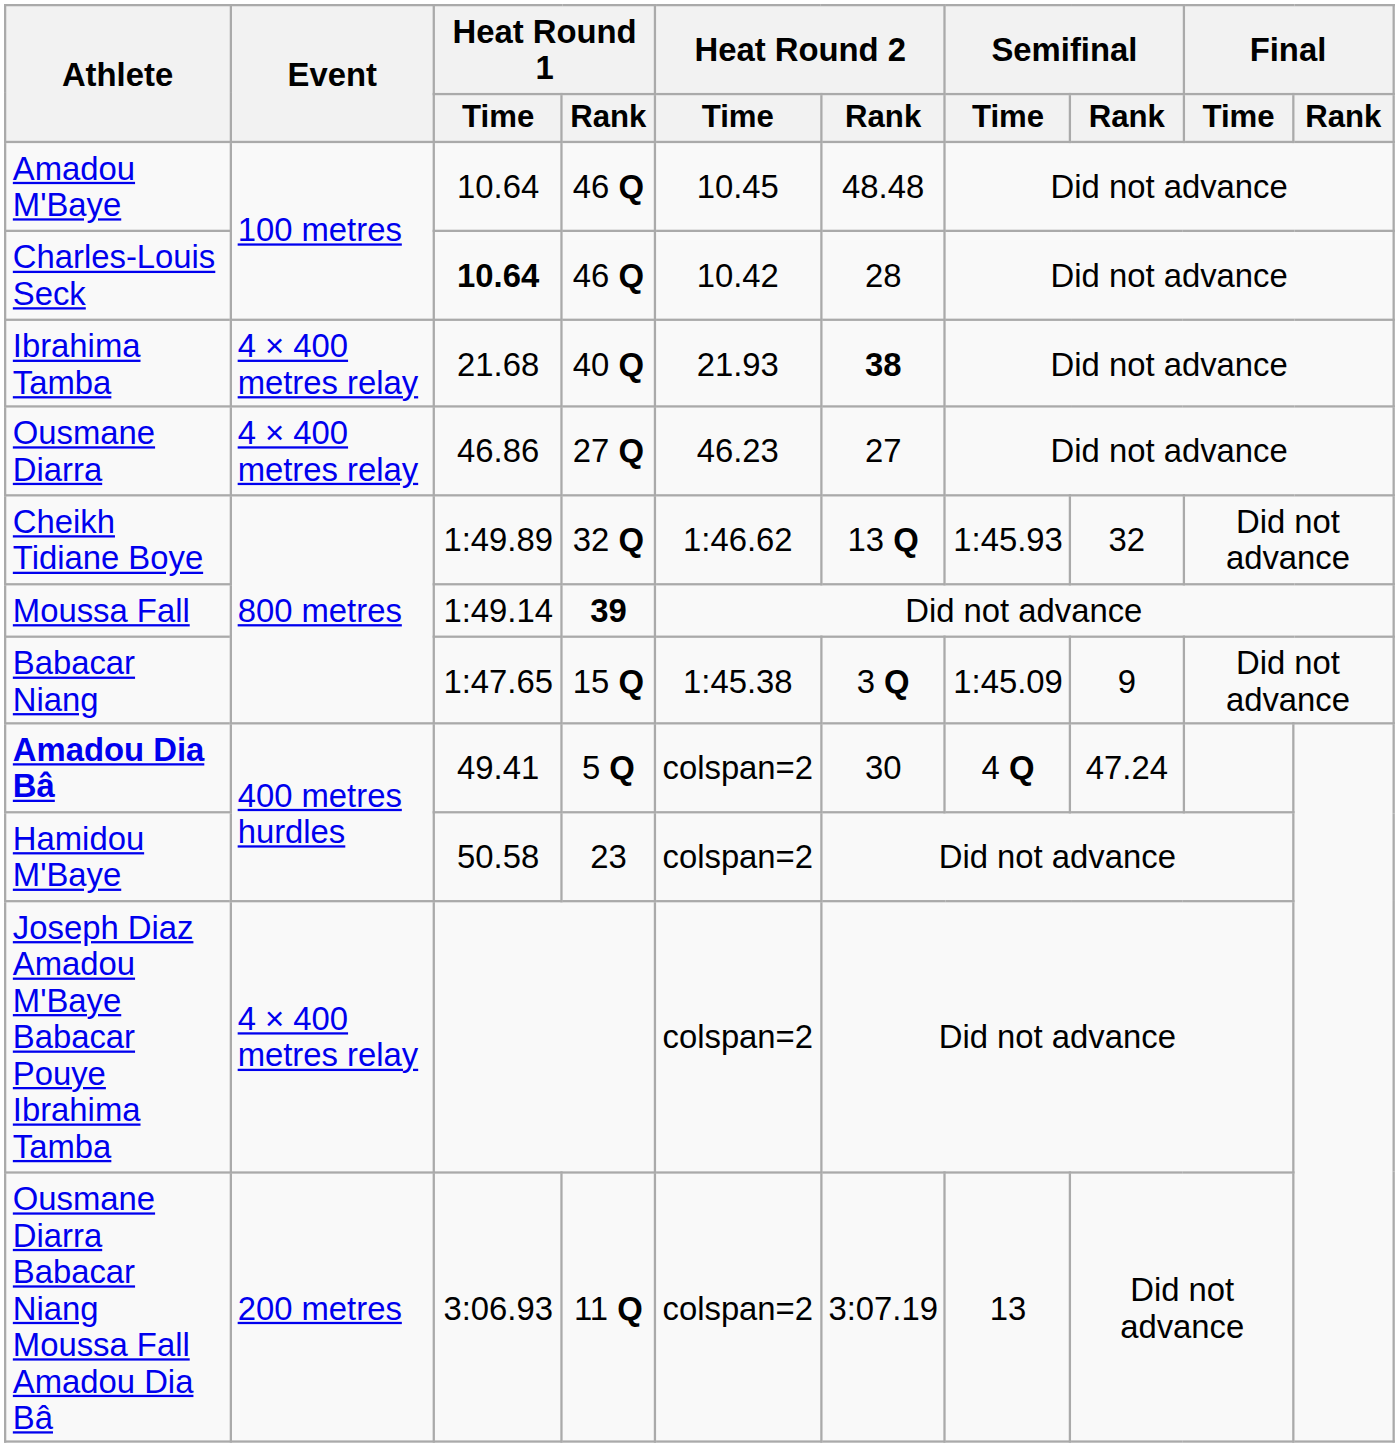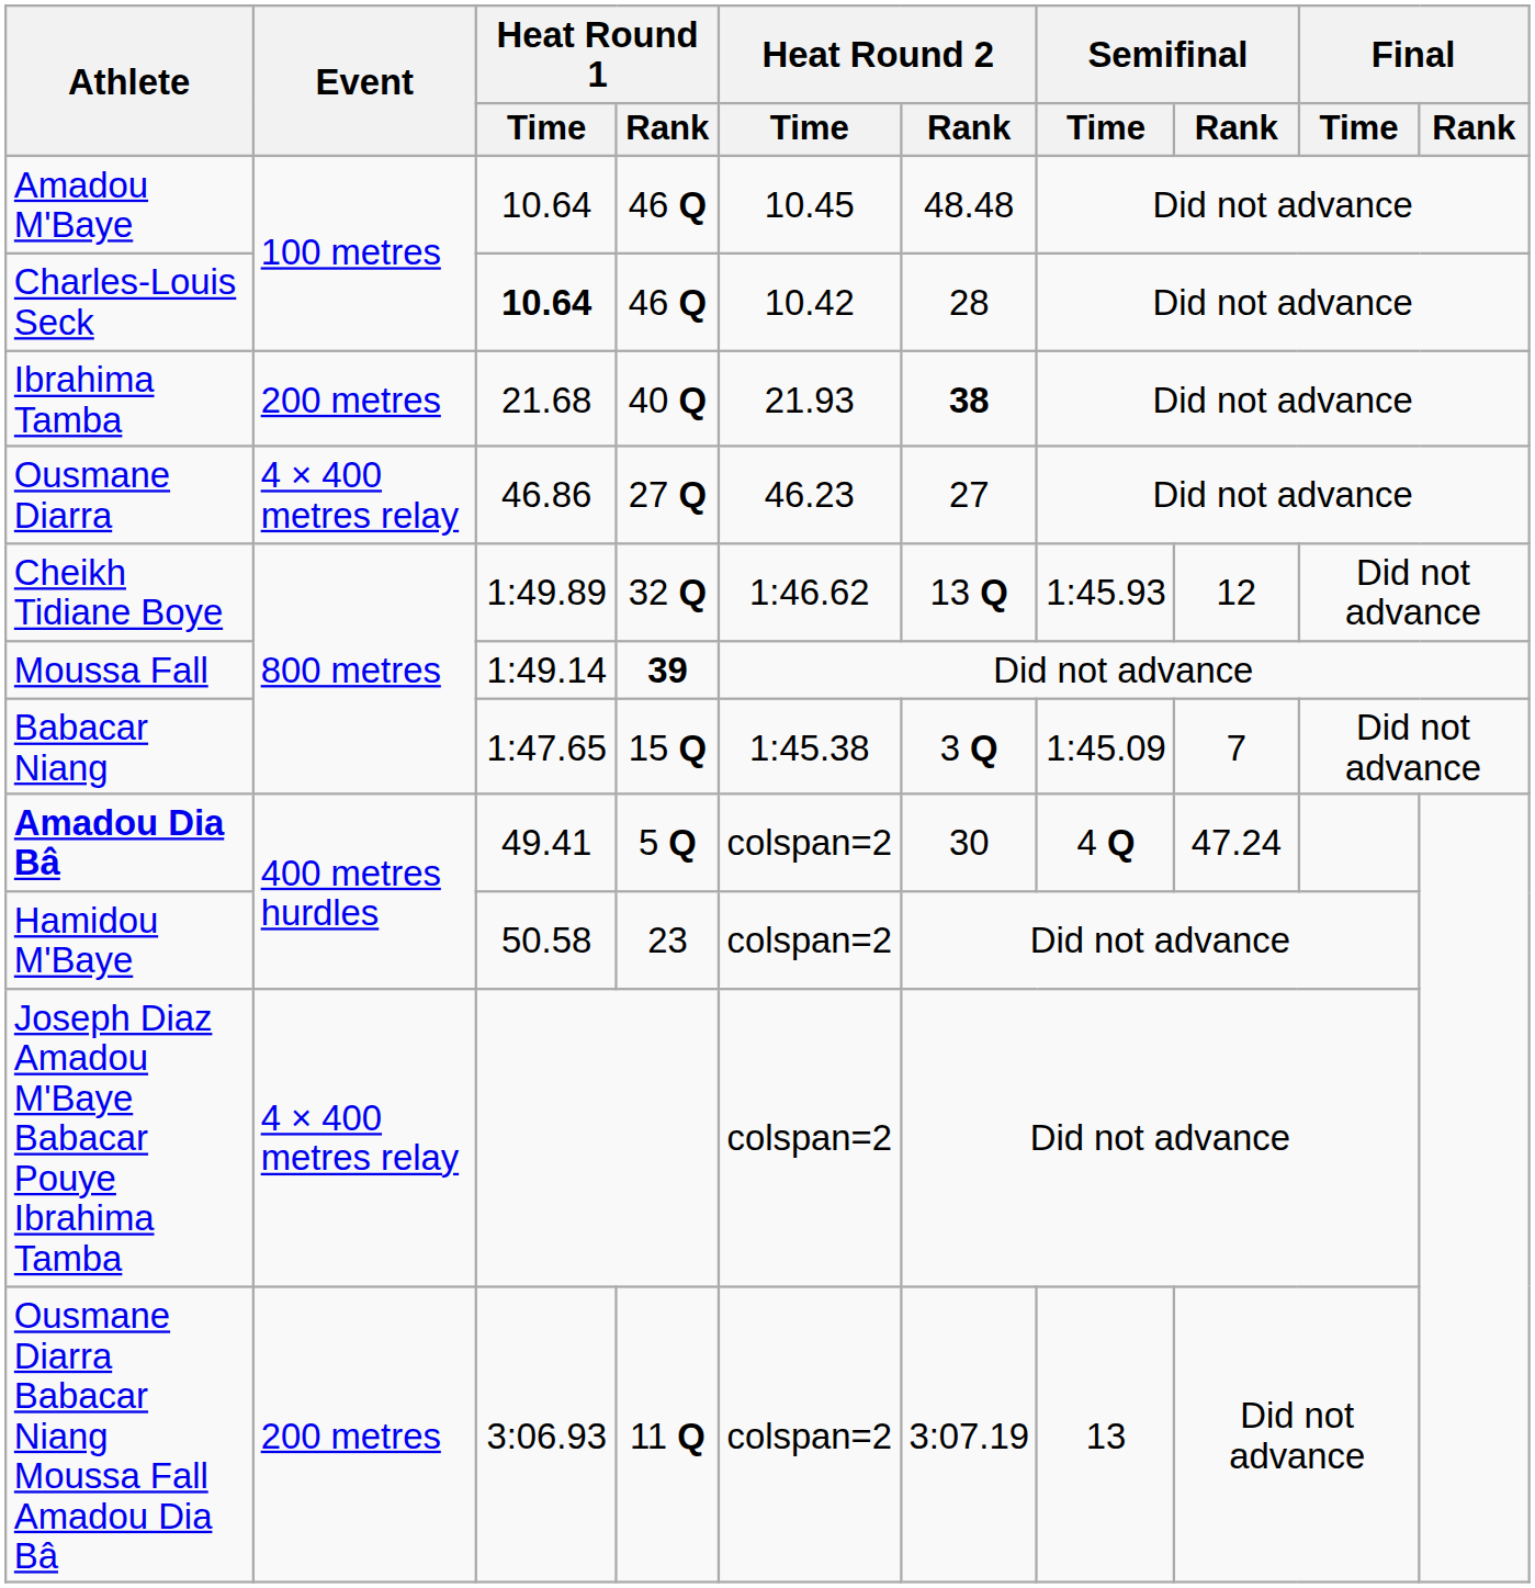 <table class=wikitable style="font-size:90%; text-align:center">
 <tr>
 <th rowspan=2>Athlete</th>
 <th rowspan=2>Event</th>
 <th colspan=2>Heat Round 1</th>
 <th colspan=2>Heat Round 2</th>
 <th colspan=2>Semifinal</th>
 <th colspan=2>Final</th>
 </tr>
 <tr style=font-size:95%>
 <th>Time</th>
 <th>Rank</th>
 <th>Time</th>
 <th>Rank</th>
 <th>Time</th>
 <th>Rank</th>
 <th>Time</th>
 <th>Rank</th>
 </tr>
 <tr align=center>
 <td align=left><a href='#'>Amadou M'Baye</a></td>
 <td align=left rowspan=2><a href='#'>100 metres</a></td>
 <td>10.64</td>
 <td>46 <strong>Q</strong></td>
 <td>10.45</td>
 <td>48.48</td>
 <td colspan=4>Did not advance</td>
 </tr>
 <tr align=center>
 <td align=left><a href='#'>Charles-Louis Seck</a></td>
 <td><strong>10.64</strong></td>
 <td>46 <strong>Q</strong></td>
 <td>10.42</td>
 <td>28</td>
 <td colspan=4>Did not advance</td>
 </tr>
 <tr align=center>
 <td align=left><a href='#'>Ibrahima Tamba</a></td>
-<td align=left><a href='#'>4 × 400 metres relay</a></td>
+<td align=left><a href='#'>200 metres</a></td>
 <td>21.68</td>
 <td>40 <strong>Q</strong></td>
 <td>21.93</td>
 <td><strong>38</strong></td>
 <td colspan=4>Did not advance</td>
 </tr>
 <tr align=center>
 <td align=left><a href='#'>Ousmane Diarra</a></td>
 <td align=left><a href='#'>4 × 400 metres relay</a></td>
 <td>46.86</td>
 <td>27 <strong>Q</strong></td>
 <td>46.23</td>
 <td>27</td>
 <td colspan=4>Did not advance</td>
 </tr>
 <tr align=center>
 <td align=left><a href='#'>Cheikh Tidiane Boye</a></td>
 <td align=left rowspan=3><a href='#'>800 metres</a></td>
 <td>1:49.89</td>
 <td>32 <strong>Q</strong></td>
 <td>1:46.62</td>
 <td>13 <strong>Q</strong></td>
 <td>1:45.93</td>
-<td>32</td>
+<td>12</td>
 <td colspan=2>Did not advance</td>
 </tr>
 <tr align=center>
 <td align=left><a href='#'>Moussa Fall</a></td>
 <td>1:49.14</td>
 <td><strong>39</strong></td>
 <td colspan=6>Did not advance</td>
 </tr>
 <tr align=center>
 <td align=left><a href='#'>Babacar Niang</a></td>
 <td>1:47.65</td>
 <td>15 <strong>Q</strong></td>
 <td>1:45.38</td>
 <td>3 <strong>Q</strong></td>
 <td>1:45.09</td>
-<td>9</td>
+<td>7</td>
 <td colspan=2>Did not advance</td>
 </tr>
 <tr align=center>
 <td align=left><strong><a href='#'>Amadou Dia Bâ</a></strong></td>
 <td align=left rowspan=2><a href='#'>400 metres hurdles</a></td>
 <td>49.41</td>
 <td>5 <strong>Q</strong></td>
 <td>colspan=2</td>
 <td>30</td>
 <td>4 <strong>Q</strong></td>
 <td>47.24</td>
 <td></td>
 </tr>
 <tr align=center>
 <td align=left><a href='#'>Hamidou M'Baye</a></td>
 <td>50.58</td>
 <td>23</td>
 <td>colspan=2</td>
 <td colspan=4>Did not advance</td>
 </tr>
 <tr align=center>
 <td align=left><a href='#'>Joseph Diaz</a><br><a href='#'>Amadou M'Baye</a><br><a href='#'>Babacar Pouye</a><br><a href='#'>Ibrahima Tamba</a></td>
 <td align=left><a href='#'>4 × 400 metres relay</a></td>
 <td colspan=2></td>
 <td>colspan=2</td>
 <td colspan=4>Did not advance</td>
 </tr>
 <tr align=center>
 <td align=left><a href='#'>Ousmane Diarra</a><br><a href='#'>Babacar Niang</a><br><a href='#'>Moussa Fall</a><br><a href='#'>Amadou Dia Bâ</a></td>
 <td align=left><a href='#'>200 metres</a></td>
 <td>3:06.93</td>
 <td>11 <strong>Q</strong></td>
 <td>colspan=2</td>
 <td>3:07.19</td>
 <td>13</td>
 <td colspan=2>Did not advance</td>
 </tr>
 </table>
